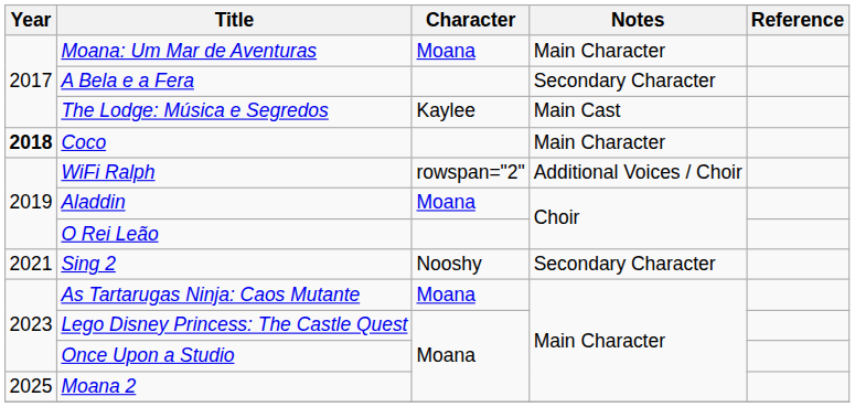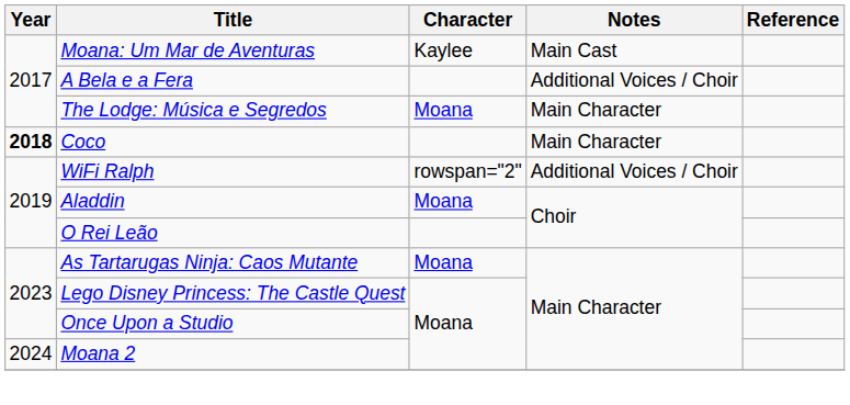 <table class="wikitable">
 <tr>
 <th>Year</th>
 <th>Title</th>
 <th>Character</th>
 <th>Notes</th>
 <th>Reference</th>
 </tr>
 <tr>
 <td rowspan="3">2017</td>
 <td><em><a href='#'>Moana: Um Mar de Aventuras</a></em></td>
-<td><a href='#'>Moana</a></td>
-<td>Main Character</td>
+<td>Kaylee</td>
+<td>Main Cast</td>
 <td></td>
 </tr>
 <tr>
 <td><em><a href='#'>A Bela e a Fera</a></em></td>
 <td></td>
-<td>Secondary Character</td>
+<td>Additional Voices / Choir</td>
 <td></td>
 </tr>
 <tr>
 <td><em><a href='#'>The Lodge: Música e Segredos</a></em></td>
-<td>Kaylee</td>
-<td>Main Cast</td>
+<td><a href='#'>Moana</a></td>
+<td>Main Character</td>
 <td></td>
 </tr>
 <tr>
 <td><strong>2018</strong></td>
 <td><em><a href='#'>Coco</a></em></td>
 <td></td>
 <td>Main Character</td>
 <td></td>
 </tr>
 <tr>
 <td rowspan="3">2019</td>
 <td><a href='#'><em>WiFi Ralph</em></a></td>
 <td>rowspan="2" </td>
 <td>Additional Voices / Choir</td>
 <td></td>
 </tr>
 <tr>
 <td><a href='#'><em>Aladdin</em></a></td>
 <td><a href='#'>Moana</a></td>
 <td rowspan="2">Choir</td>
 <td></td>
 </tr>
 <tr>
 <td><a href='#'><em>O Rei Leão</em></a></td>
 <td></td>
 </tr>
 <tr>
-<td>2021</td>
-<td><em><a href='#'>Sing 2</a></em></td>
-<td>Nooshy</td>
-<td>Secondary Character</td>
-<td></td>
-</tr>
-<tr>
 <td rowspan="3">2023</td>
 <td><a href='#'><em>As Tartarugas Ninja: Caos Mutante</em></a></td>
 <td><a href='#'>Moana</a></td>
 <td rowspan="4">Main Character</td>
 <td></td>
 </tr>
 <tr>
 <td><em><a href='#'>Lego Disney Princess: The Castle Quest</a></em></td>
 <td rowspan="3">Moana</td>
 <td></td>
 </tr>
 <tr>
 <td><em><a href='#'>Once Upon a Studio</a></em></td>
 <td></td>
 </tr>
 <tr>
-<td>2025</td>
+<td>2024</td>
 <td><em><a href='#'>Moana 2</a></em></td>
 <td></td>
 </tr>
 <tr>
 </tr>
 </table>
